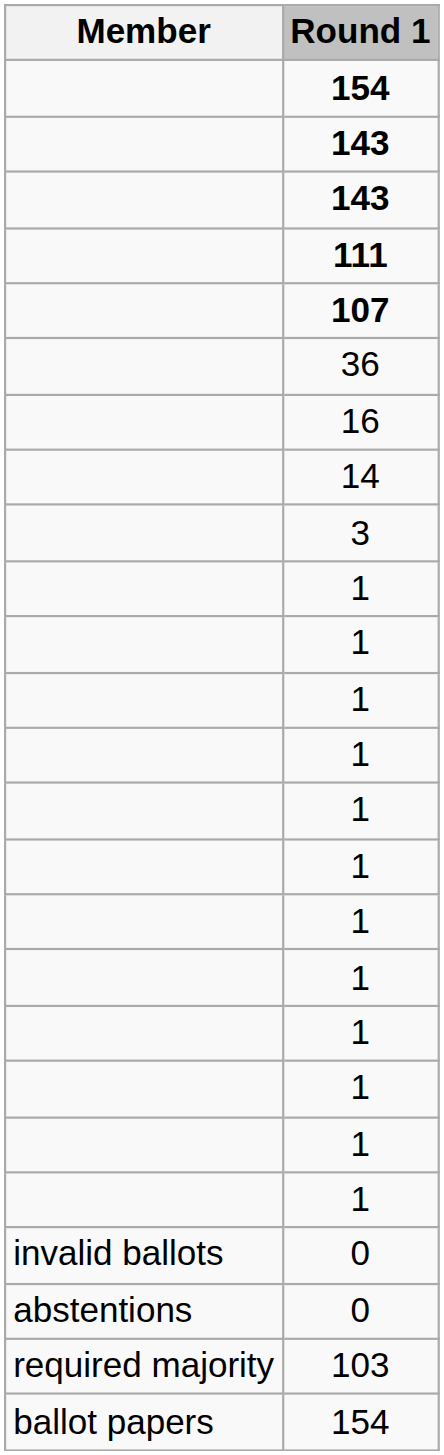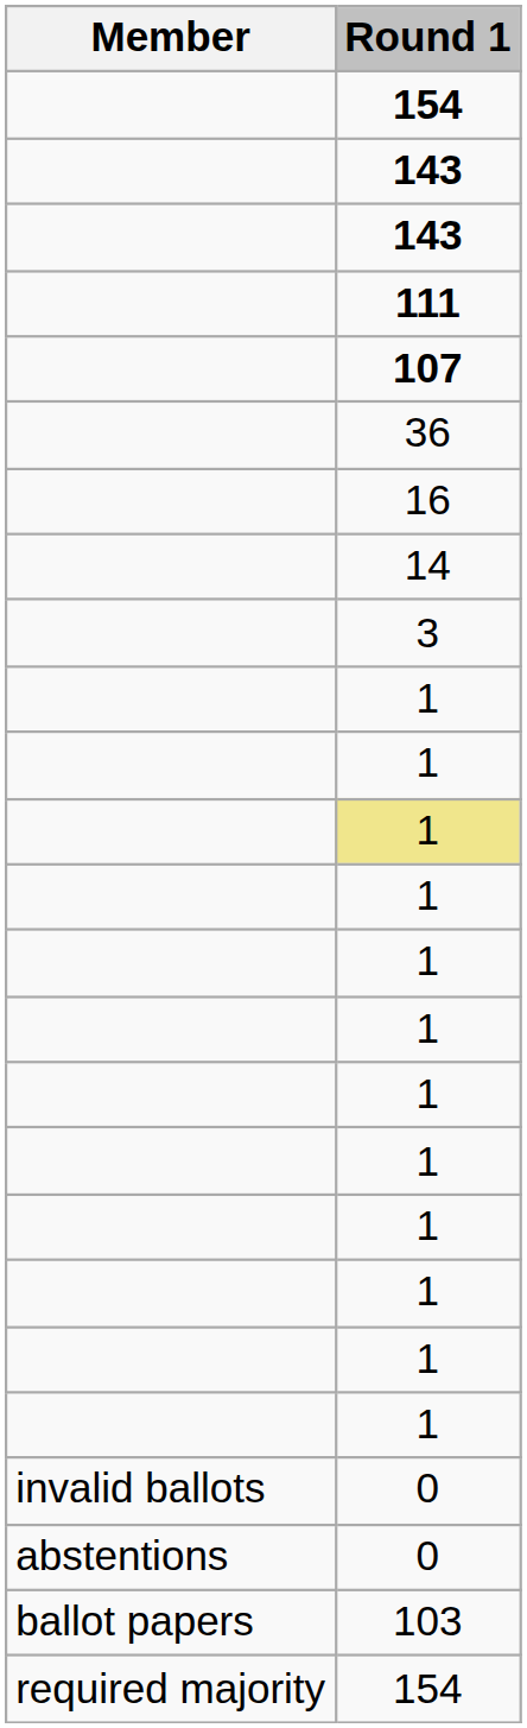 <table class="wikitable collapsible">
 <tr>
 <th>Member</th>
 <td style="background:silver;"><strong>Round 1</strong></td>
 </tr>
 <tr>
 <td></td>
 <td style="text-align:center;"><strong>154</strong></td>
 </tr>
 <tr>
 <td></td>
 <td style="text-align:center;"><strong>143</strong></td>
 </tr>
 <tr>
 <td></td>
 <td style="text-align:center;"><strong>143</strong></td>
 </tr>
 <tr>
 <td></td>
 <td style="text-align:center;"><strong>111</strong></td>
 </tr>
 <tr>
 <td></td>
 <td style="text-align:center;"><strong>107</strong></td>
 </tr>
 <tr>
 <td></td>
 <td style="text-align:center;">36</td>
 </tr>
 <tr>
 <td></td>
 <td style="text-align:center;">16</td>
 </tr>
 <tr>
 <td></td>
 <td style="text-align:center;">14</td>
 </tr>
 <tr>
 <td></td>
 <td style="text-align:center;">3</td>
 </tr>
 <tr>
 <td></td>
 <td style="text-align:center;">1</td>
 </tr>
 <tr>
 <td></td>
 <td style="text-align:center;">1</td>
 </tr>
 <tr>
 <td></td>
-<td style="text-align:center;">1</td>
+<td style="background: khaki; text-align:center;">1</td>
 </tr>
 <tr>
 <td></td>
 <td style="text-align:center;">1</td>
 </tr>
 <tr>
 <td></td>
 <td style="text-align:center;">1</td>
 </tr>
 <tr>
 <td></td>
 <td style="text-align:center;">1</td>
 </tr>
 <tr>
 <td></td>
 <td style="text-align:center;">1</td>
 </tr>
 <tr>
 <td></td>
 <td style="text-align:center;">1</td>
 </tr>
 <tr>
 <td></td>
 <td style="text-align:center;">1</td>
 </tr>
 <tr>
 <td></td>
 <td style="text-align:center;">1</td>
 </tr>
 <tr>
 <td></td>
 <td style="text-align:center;">1</td>
 </tr>
 <tr>
 <td></td>
 <td style="text-align:center;">1</td>
 </tr>
 <tr>
 <td>invalid ballots</td>
 <td style="text-align:center;">0</td>
 </tr>
 <tr>
 <td>abstentions</td>
 <td style="text-align:center;">0</td>
 </tr>
 <tr>
-<td>required majority</td>
+<td>ballot papers</td>
 <td style="text-align:center;">103</td>
 </tr>
 <tr>
-<td>ballot papers</td>
+<td>required majority</td>
 <td style="text-align:center;">154</td>
 </tr>
 </table>
